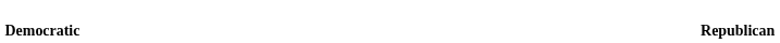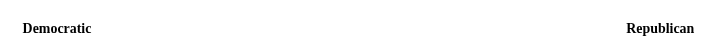 <table style="width:70%; text-align:center">
 <tr style="color:white">
 <td style="background:"><strong>67</strong></td>
-<td style="background:"><strong>5</strong></td>
 <td style="background:"><strong>171</strong></td>
 </tr>
 <tr>
 <td><span><strong>Democratic</strong></span></td>
-<td></td>
 <td><span><strong>Republican</strong></span></td>
 </tr>
 </table>
